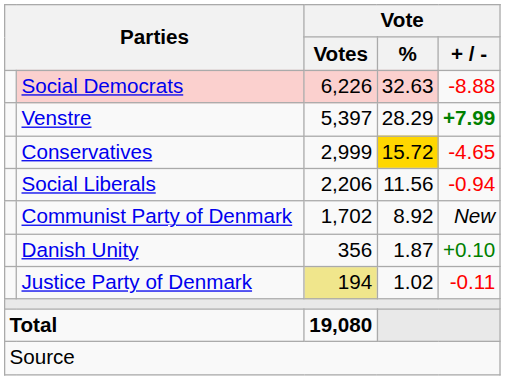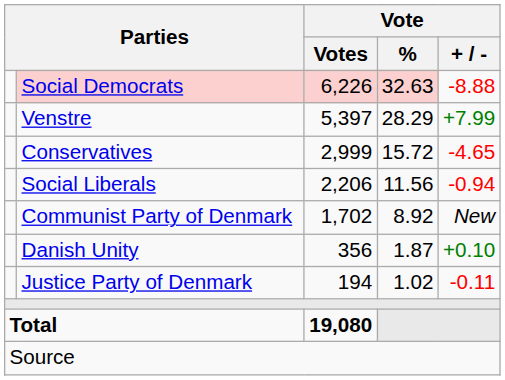 <table class="wikitable" style="text-align:right;">
 <tr>
 <th style="text-align:centre;" rowspan="2" colspan="2" width="225">Parties</th>
 <th colspan="3">Vote</th>
 </tr>
 <tr>
 <th width="15">Votes</th>
 <th width="15">%</th>
 <th width="15">+ / -</th>
 </tr>
 <tr>
 <td width="2" style="color:inherit;background:"></td>
 <td bgcolor=#fbd0ce  align="left"><a href='#'>Social Democrats</a></td>
 <td bgcolor=#fbd0ce>6,226</td>
 <td bgcolor=#fbd0ce>32.63</td>
 <td style=color:red;>-8.88</td>
 </tr>
 <tr>
 <td width="2" style="color:inherit;background:"></td>
 <td align="left"><a href='#'>Venstre</a></td>
 <td>5,397</td>
 <td>28.29</td>
-<td style=color:green;><strong>+7.99</strong></td>
+<td style=color:green;>+7.99</td>
 </tr>
 <tr>
 <td width="2" style="color:inherit;background:"></td>
 <td align="left"><a href='#'>Conservatives</a></td>
 <td>2,999</td>
-<td style="background: gold;">15.72</td>
+<td>15.72</td>
 <td style=color:red;>-4.65</td>
 </tr>
 <tr>
 <td width="2" style="color:inherit;background:"></td>
 <td align="left"><a href='#'>Social Liberals</a></td>
 <td>2,206</td>
 <td>11.56</td>
 <td style=color:red;>-0.94</td>
 </tr>
 <tr>
 <td width="2" style="color:inherit;background:"></td>
 <td align="left"><a href='#'>Communist Party of Denmark</a></td>
 <td>1,702</td>
 <td>8.92</td>
 <td><em>New</em></td>
 </tr>
 <tr>
 <td width="2" style="color:inherit;background:"></td>
 <td align="left"><a href='#'>Danish Unity</a></td>
 <td>356</td>
 <td>1.87</td>
 <td style=color:green;>+0.10</td>
 </tr>
 <tr>
 <td width="2" style="color:inherit;background:"></td>
 <td align="left"><a href='#'>Justice Party of Denmark</a></td>
-<td style="background: khaki;">194</td>
+<td>194</td>
 <td>1.02</td>
 <td style=color:red;>-0.11</td>
 </tr>
 <tr>
 <td colspan="7" bgcolor="#E9E9E9"></td>
 </tr>
 <tr>
 <td align="left" colspan="2"><strong>Total</strong></td>
 <td><strong>19,080</strong></td>
 <td bgcolor="#E9E9E9" colspan="2"></td>
 </tr>
 <tr>
 <td align="left" colspan="6">Source</td>
 </tr>
 </table>
